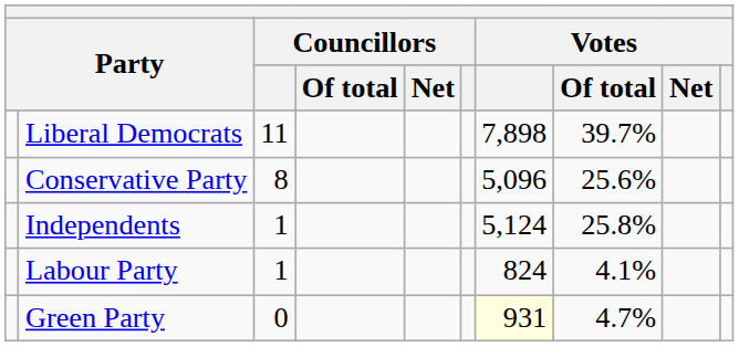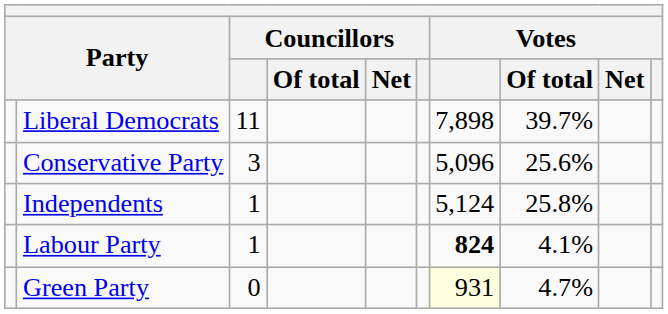 <table class="wikitable sortable" style="text-align:center;">
 <tr>
 <th colspan="10"></th>
 </tr>
 <tr>
 <th colspan="2" rowspan="2">Party</th>
 <th colspan="4">Councillors</th>
 <th colspan="4">Votes</th>
 </tr>
 <tr>
 <th></th>
 <th>Of total</th>
 <th>Net</th>
 <th class="unsortable"></th>
 <th></th>
 <th>Of total</th>
 <th>Net</th>
 <th class="unsortable"></th>
 </tr>
 <tr>
 <td style="background:"></td>
 <td style="text-align:left;"><a href='#'>Liberal Democrats</a></td>
 <td style="text-align:right;">11</td>
 <td style="text-align:right;"></td>
 <td style="text-align:right;"></td>
 <td data-sort-value=""></td>
 <td style="text-align:right;">7,898</td>
 <td style="text-align:right;">39.7%</td>
 <td style="text-align:right;"></td>
 <td></td>
 </tr>
 <tr>
 <td style="background:"></td>
 <td style="text-align:left;"><a href='#'>Conservative Party</a></td>
-<td style="text-align:right;">8</td>
+<td style="text-align:right;">3</td>
 <td style="text-align:right;"></td>
 <td style="text-align:right;"></td>
 <td data-sort-value=""></td>
 <td style="text-align:right;">5,096</td>
 <td style="text-align:right;">25.6%</td>
 <td style="text-align:right;"></td>
 <td></td>
 </tr>
 <tr>
 <td style="background:"></td>
 <td style="text-align:left;"><a href='#'>Independents</a></td>
 <td style="text-align:right;">1</td>
 <td style="text-align:right;"></td>
 <td style="text-align:right;"></td>
 <td data-sort-value=""></td>
 <td style="text-align:right;">5,124</td>
 <td style="text-align:right;">25.8%</td>
 <td style="text-align:right;"></td>
 <td></td>
 </tr>
 <tr>
 <td style="background:"></td>
 <td style="text-align:left;"><a href='#'>Labour Party</a></td>
 <td style="text-align:right;">1</td>
 <td style="text-align:right;"></td>
 <td style="text-align:right;"></td>
 <td data-sort-value=""></td>
-<td style="text-align:right;">824</td>
+<td style="text-align:right;"><strong>824</strong></td>
 <td style="text-align:right;">4.1%</td>
 <td style="text-align:right;"></td>
 <td></td>
 </tr>
 <tr>
 <td style="background:"></td>
 <td style="text-align:left;"><a href='#'>Green Party</a></td>
 <td style="text-align:right;">0</td>
 <td style="text-align:right;"></td>
 <td style="text-align:right;"></td>
 <td data-sort-value=""></td>
 <td style="background: lightyellow; text-align:right;">931</td>
 <td style="text-align:right;">4.7%</td>
 <td style="text-align:right;"></td>
 <td></td>
 </tr>
 </table>
